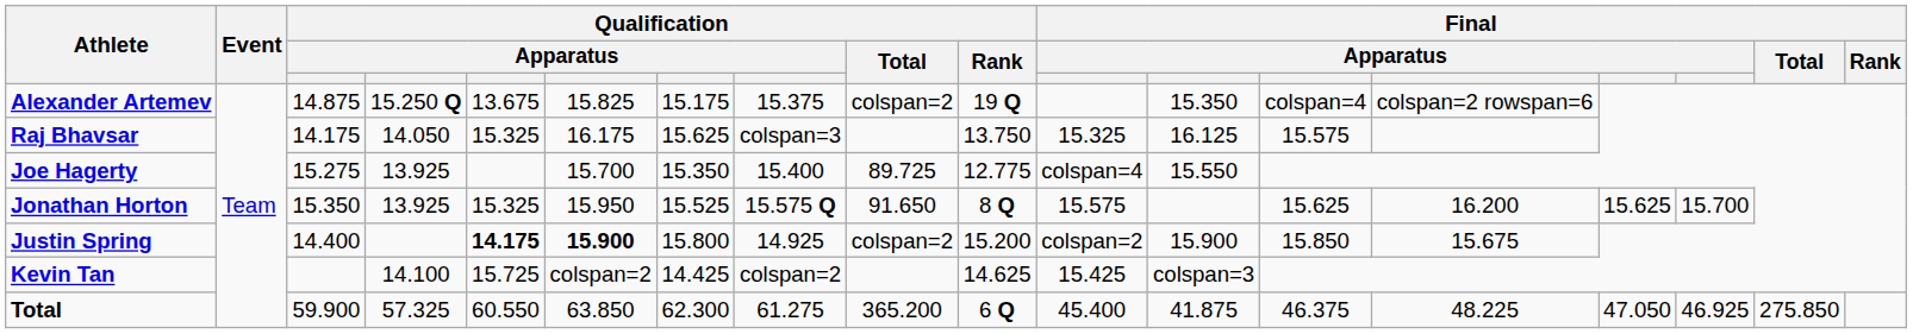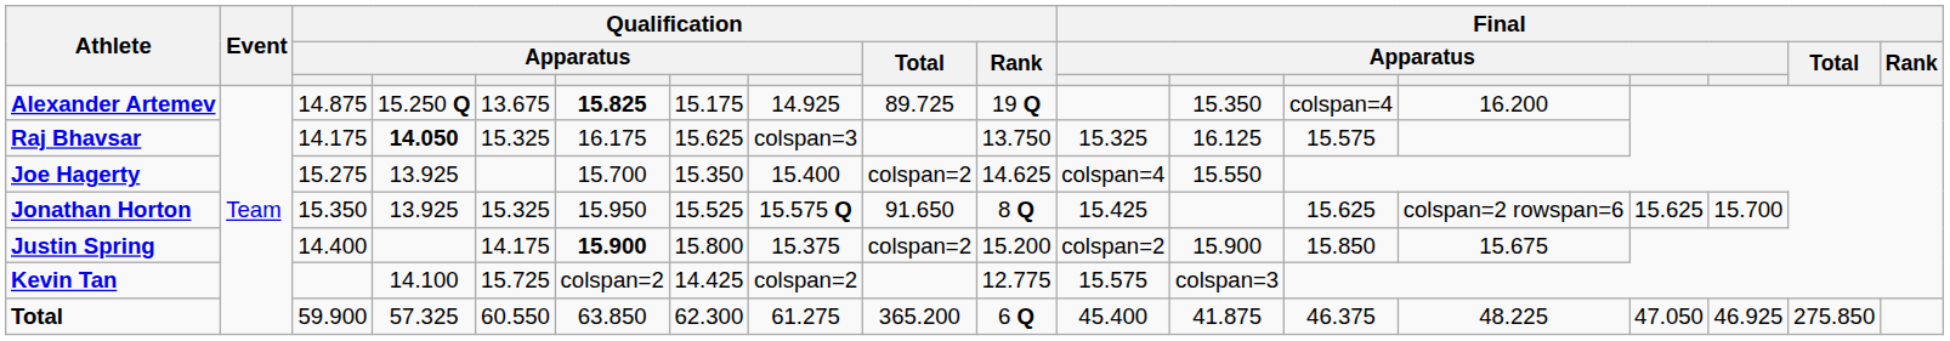 <table class=wikitable style=font-size:90%;text-align:center>
 <tr>
 <th rowspan=3>Athlete</th>
 <th rowspan=3>Event</th>
 <th colspan=8>Qualification</th>
 <th colspan=8>Final</th>
 </tr>
 <tr style=font-size:95%>
 <th colspan=6>Apparatus</th>
 <th rowspan=2>Total</th>
 <th rowspan=2>Rank</th>
 <th colspan=6>Apparatus</th>
 <th rowspan=2>Total</th>
 <th rowspan=2>Rank</th>
 </tr>
 <tr style=font-size:95%>
 <th></th>
 <th></th>
 <th></th>
 <th></th>
 <th></th>
 <th></th>
 <th></th>
 <th></th>
 <th></th>
 <th></th>
 <th></th>
 <th></th>
 </tr>
 <tr>
 <td align=left><strong><a href='#'>Alexander Artemev</a></strong></td>
 <td rowspan=7 align=left><a href='#'>Team</a></td>
 <td>14.875</td>
 <td>15.250 <strong>Q</strong></td>
 <td>13.675</td>
-<td>15.825</td>
+<td><strong>15.825</strong></td>
 <td>15.175</td>
-<td>15.375</td>
-<td>colspan=2 </td>
+<td>14.925</td>
+<td>89.725</td>
 <td>19 <strong>Q</strong></td>
 <td></td>
 <td>15.350</td>
 <td>colspan=4 </td>
-<td>colspan=2 rowspan=6 </td>
+<td>16.200</td>
 </tr>
 <tr>
 <td align=left><strong><a href='#'>Raj Bhavsar</a></strong></td>
 <td>14.175</td>
-<td>14.050</td>
+<td><strong>14.050</strong></td>
 <td>15.325</td>
 <td>16.175</td>
 <td>15.625</td>
 <td>colspan=3 </td>
 <td></td>
 <td>13.750</td>
 <td>15.325</td>
 <td>16.125</td>
 <td>15.575</td>
 <td></td>
 </tr>
 <tr>
 <td align=left><strong><a href='#'>Joe Hagerty</a></strong></td>
 <td>15.275</td>
 <td>13.925</td>
 <td></td>
 <td>15.700</td>
 <td>15.350</td>
 <td>15.400</td>
-<td>89.725</td>
-<td>12.775</td>
+<td>colspan=2 </td>
+<td>14.625</td>
 <td>colspan=4 </td>
 <td>15.550</td>
 </tr>
 <tr>
 <td align=left><strong><a href='#'>Jonathan Horton</a></strong></td>
 <td>15.350</td>
 <td>13.925</td>
 <td>15.325</td>
 <td>15.950</td>
 <td>15.525</td>
 <td>15.575 <strong>Q</strong></td>
 <td>91.650</td>
 <td>8 <strong>Q</strong></td>
-<td>15.575</td>
+<td>15.425</td>
 <td></td>
 <td>15.625</td>
-<td>16.200</td>
+<td>colspan=2 rowspan=6 </td>
 <td>15.625</td>
 <td>15.700</td>
 </tr>
 <tr>
 <td align=left><strong><a href='#'>Justin Spring</a></strong></td>
 <td>14.400</td>
 <td></td>
-<td><strong>14.175</strong></td>
+<td>14.175</td>
 <td><strong>15.900</strong></td>
 <td>15.800</td>
-<td>14.925</td>
+<td>15.375</td>
 <td>colspan=2 </td>
 <td>15.200</td>
 <td>colspan=2 </td>
 <td>15.900</td>
 <td>15.850</td>
 <td>15.675</td>
 </tr>
 <tr>
 <td align=left><strong><a href='#'>Kevin Tan</a></strong></td>
 <td></td>
 <td>14.100</td>
 <td>15.725</td>
 <td>colspan=2 </td>
 <td>14.425</td>
 <td>colspan=2 </td>
 <td></td>
-<td>14.625</td>
-<td>15.425</td>
+<td>12.775</td>
+<td>15.575</td>
 <td>colspan=3 </td>
 </tr>
 <tr>
 <td align=left><strong>Total</strong></td>
 <td>59.900</td>
 <td>57.325</td>
 <td>60.550</td>
 <td>63.850</td>
 <td>62.300</td>
 <td>61.275</td>
 <td>365.200</td>
 <td>6 <strong>Q</strong></td>
 <td>45.400</td>
 <td>41.875</td>
 <td>46.375</td>
 <td>48.225</td>
 <td>47.050</td>
 <td>46.925</td>
 <td>275.850</td>
 <td></td>
 </tr>
 </table>
